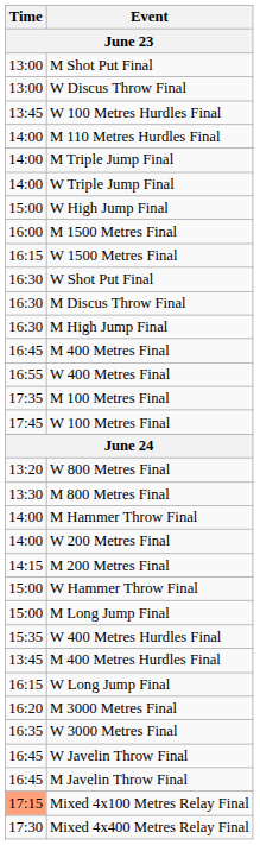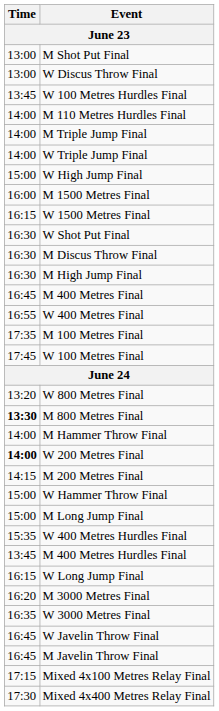 <table class="wikitable">
 <tr>
 <th>Time</th>
 <th>Event</th>
 </tr>
 <tr>
 <th colspan=4>June 23</th>
 </tr>
 <tr>
 <td>13:00</td>
 <td>M Shot Put	Final</td>
 </tr>
 <tr>
 <td>13:00</td>
 <td>W Discus Throw	Final</td>
 </tr>
 <tr>
 <td>13:45</td>
 <td>W 100 Metres Hurdles	Final</td>
 </tr>
 <tr>
 <td>14:00</td>
 <td>M 110 Metres Hurdles	Final</td>
 </tr>
 <tr>
 <td>14:00</td>
 <td>M Triple Jump Final</td>
 </tr>
 <tr>
 <td>14:00</td>
 <td>W Triple Jump Final</td>
 </tr>
 <tr>
 <td>15:00</td>
 <td>W High Jump Final</td>
 </tr>
 <tr>
 <td>16:00</td>
 <td>M 1500 Metres Final</td>
 </tr>
 <tr>
 <td>16:15</td>
 <td>W 1500 Metres Final</td>
 </tr>
 <tr>
 <td>16:30</td>
 <td>W Shot Put Final</td>
 </tr>
 <tr>
 <td>16:30</td>
 <td>M Discus Throw Final</td>
 </tr>
 <tr>
 <td>16:30</td>
 <td>M High Jump Final</td>
 </tr>
 <tr>
 <td>16:45</td>
 <td>M 400 Metres	Final</td>
 </tr>
 <tr>
 <td>16:55</td>
 <td>W 400 Metres	Final</td>
 </tr>
 <tr>
 <td>17:35</td>
 <td>M 100 Metres	Final</td>
 </tr>
 <tr>
 <td>17:45</td>
 <td>W 100 Metres	Final</td>
 </tr>
 <tr>
 <th colspan=9>June 24</th>
 </tr>
 <tr>
 <td>13:20</td>
 <td>W 800 Metres Final</td>
 </tr>
 <tr>
-<td>13:30</td>
+<td><strong>13:30</strong></td>
 <td>M 800 Metres	Final</td>
 </tr>
 <tr>
 <td>14:00</td>
 <td>M Hammer Throw Final</td>
 </tr>
 <tr>
-<td>14:00</td>
+<td><strong>14:00</strong></td>
 <td>W 200 Metres Final</td>
 </tr>
 <tr>
 <td>14:15</td>
 <td>M 200 Metres Final</td>
 </tr>
 <tr>
 <td>15:00</td>
 <td>W Hammer Throw Final</td>
 </tr>
 <tr>
 <td>15:00</td>
 <td>M Long Jump Final</td>
 </tr>
 <tr>
 <td>15:35</td>
 <td>W 400 Metres Hurdles Final</td>
 </tr>
 <tr>
 <td>13:45</td>
 <td>M 400 Metres Hurdles Final</td>
 </tr>
 <tr>
 <td>16:15</td>
 <td>W Long Jump Final</td>
 </tr>
 <tr>
 <td>16:20</td>
 <td>M 3000 Metres	Final</td>
 </tr>
 <tr>
 <td>16:35</td>
 <td>W 3000 Metres	Final</td>
 </tr>
 <tr>
 <td>16:45</td>
 <td>W Javelin Throw Final</td>
 </tr>
 <tr>
 <td>16:45</td>
 <td>M Javelin Throw Final</td>
 </tr>
 <tr>
-<td style="background: lightsalmon;">17:15</td>
+<td>17:15</td>
 <td>Mixed 4x100 Metres Relay Final</td>
 </tr>
 <tr>
 <td>17:30</td>
 <td>Mixed 4x400 Metres Relay Final</td>
 </tr>
 </table>
